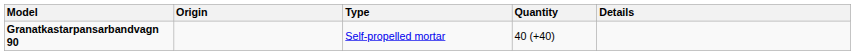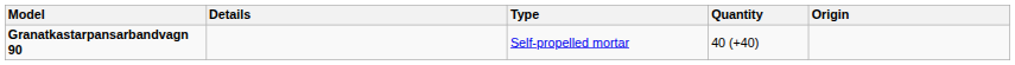 <table class="wikitable" style="width:100%;">
 <tr>
 <th style="text-align:left;width:20%;">Model</th>
-<th style="text-align:left;width:20%;">Origin</th>
+<th style="text-align:left;width:30%;">Details</th>
 <th style="text-align:left;width:20%;">Type</th>
 <th style="text-align:left;width:10%;">Quantity</th>
-<th style="text-align:left;width:30%;">Details</th>
+<th style="text-align:left;width:20%;">Origin</th>
 </tr>
 <tr>
 <td><strong>Granat­kastar­pansar­band­vagn 90</strong></td>
 <td></td>
 <td><a href='#'>Self-propelled mortar</a></td>
 <td>40 (+40)</td>
 <td></td>
 </tr>
 </table>
